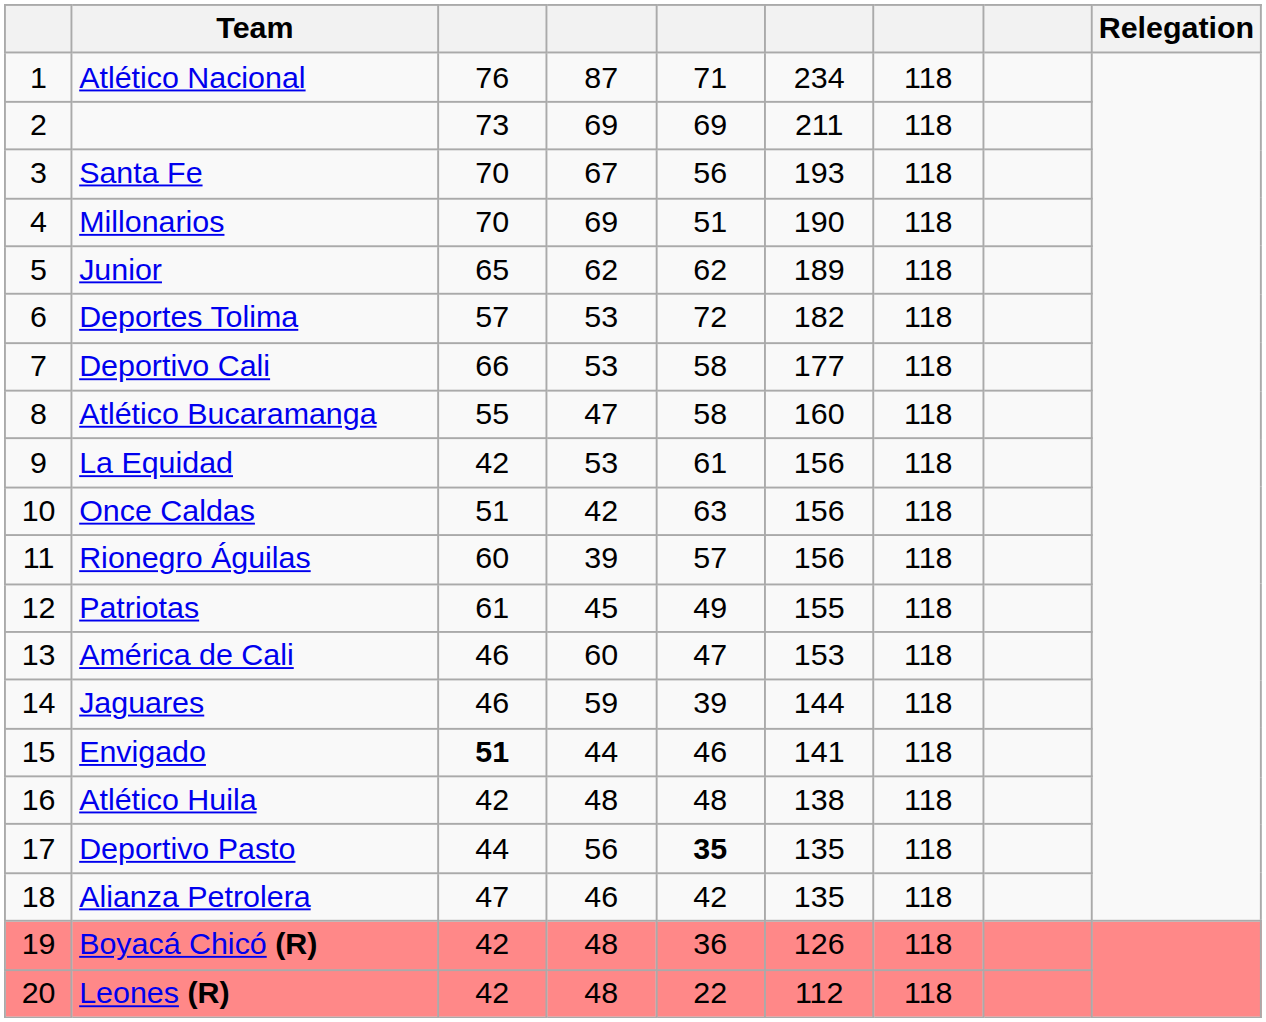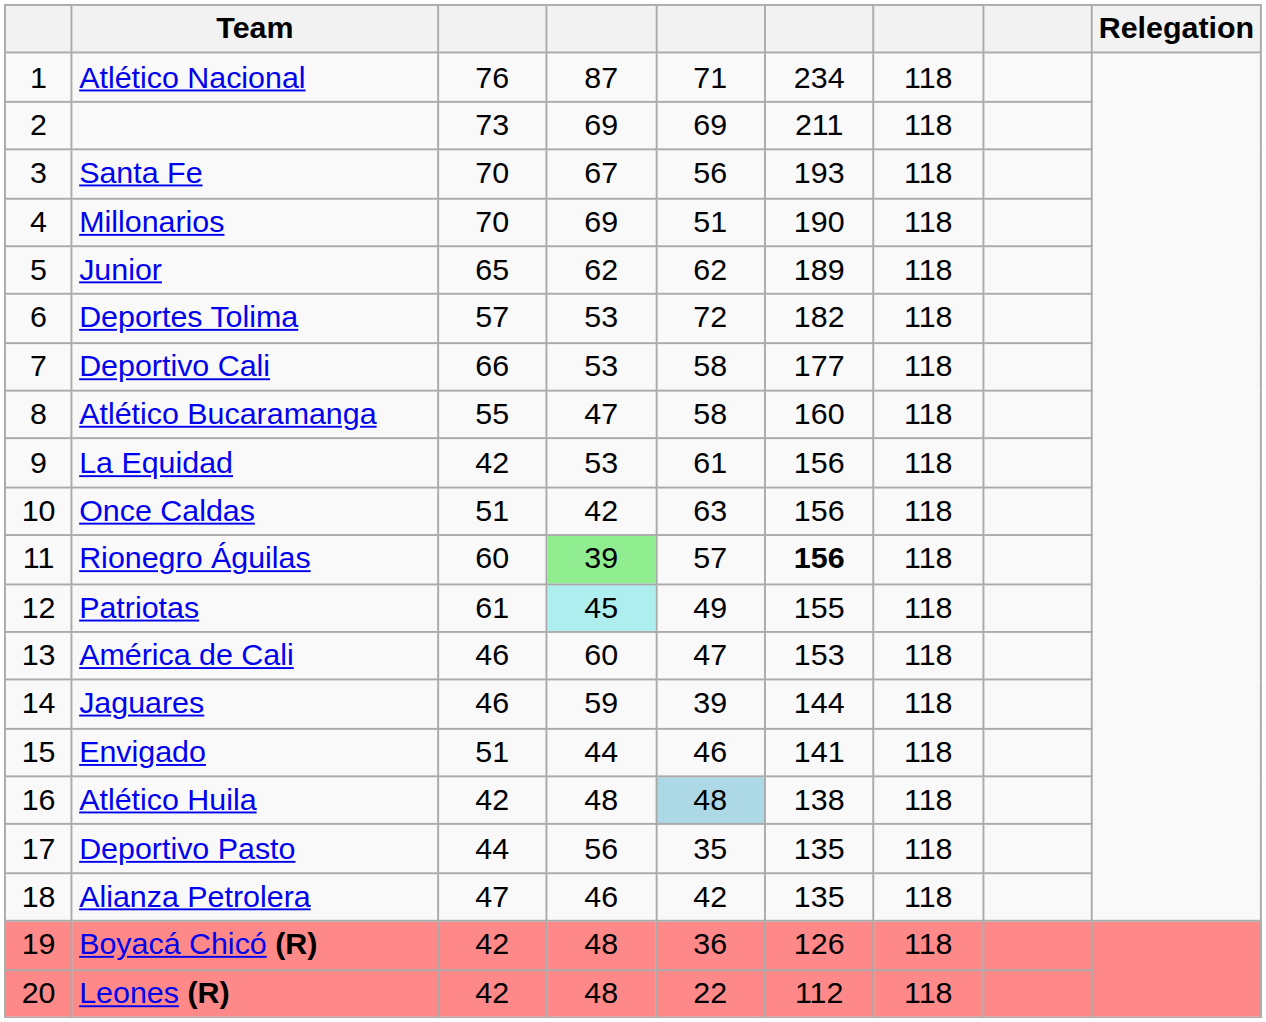 <table class="wikitable" style="text-align: center;">
 <tr>
 <th width=28><br></th>
 <th width=185>Team</th>
 <th width=50></th>
 <th width=50></th>
 <th width=50></th>
 <th width=50></th>
 <th width=50></th>
 <th width=50><br></th>
 <th>Relegation</th>
 </tr>
 <tr>
 <td>1</td>
 <td align="left"><a href='#'>Atlético Nacional</a></td>
 <td>76</td>
 <td>87</td>
 <td>71</td>
 <td>234</td>
 <td>118</td>
 <td><strong></strong></td>
 </tr>
 <tr>
 <td>2</td>
 <td align="left"></td>
 <td>73</td>
 <td>69</td>
 <td>69</td>
 <td>211</td>
 <td>118</td>
 <td><strong></strong></td>
 </tr>
 <tr>
 <td>3</td>
 <td align="left"><a href='#'>Santa Fe</a></td>
 <td>70</td>
 <td>67</td>
 <td>56</td>
 <td>193</td>
 <td>118</td>
 <td><strong></strong></td>
 </tr>
 <tr>
 <td>4</td>
 <td align="left"><a href='#'>Millonarios</a></td>
 <td>70</td>
 <td>69</td>
 <td>51</td>
 <td>190</td>
 <td>118</td>
 <td><strong></strong></td>
 </tr>
 <tr>
 <td>5</td>
 <td align="left"><a href='#'>Junior</a></td>
 <td>65</td>
 <td>62</td>
 <td>62</td>
 <td>189</td>
 <td>118</td>
 <td><strong></strong></td>
 </tr>
 <tr>
 <td>6</td>
 <td align="left"><a href='#'>Deportes Tolima</a></td>
 <td>57</td>
 <td>53</td>
 <td>72</td>
 <td>182</td>
 <td>118</td>
 <td><strong></strong></td>
 </tr>
 <tr>
 <td>7</td>
 <td align="left"><a href='#'>Deportivo Cali</a></td>
 <td>66</td>
 <td>53</td>
 <td>58</td>
 <td>177</td>
 <td>118</td>
 <td><strong></strong></td>
 </tr>
 <tr>
 <td>8</td>
 <td align="left"><a href='#'>Atlético Bucaramanga</a></td>
 <td>55</td>
 <td>47</td>
 <td>58</td>
 <td>160</td>
 <td>118</td>
 <td><strong></strong></td>
 </tr>
 <tr>
 <td>9</td>
 <td align="left"><a href='#'>La Equidad</a></td>
 <td>42</td>
 <td>53</td>
 <td>61</td>
 <td>156</td>
 <td>118</td>
 <td><strong></strong></td>
 </tr>
 <tr>
 <td>10</td>
 <td align="left"><a href='#'>Once Caldas</a></td>
 <td>51</td>
 <td>42</td>
 <td>63</td>
 <td>156</td>
 <td>118</td>
 <td><strong></strong></td>
 </tr>
 <tr>
 <td>11</td>
 <td align="left"><a href='#'>Rionegro Águilas</a></td>
 <td>60</td>
-<td>39</td>
+<td style="background: lightgreen;">39</td>
 <td>57</td>
-<td>156</td>
+<td><strong>156</strong></td>
 <td>118</td>
 <td><strong></strong></td>
 </tr>
 <tr>
 <td>12</td>
 <td align="left"><a href='#'>Patriotas</a></td>
 <td>61</td>
-<td>45</td>
+<td style="background: paleturquoise;">45</td>
 <td>49</td>
 <td>155</td>
 <td>118</td>
 <td><strong></strong></td>
 </tr>
 <tr>
 <td>13</td>
 <td align="left"><a href='#'>América de Cali</a></td>
 <td>46</td>
 <td>60</td>
 <td>47</td>
 <td>153</td>
 <td>118</td>
 <td><strong></strong></td>
 </tr>
 <tr>
 <td>14</td>
 <td align="left"><a href='#'>Jaguares</a></td>
 <td>46</td>
 <td>59</td>
 <td>39</td>
 <td>144</td>
 <td>118</td>
 <td><strong></strong></td>
 </tr>
 <tr>
 <td>15</td>
 <td align="left"><a href='#'>Envigado</a></td>
-<td><strong>51</strong></td>
+<td>51</td>
 <td>44</td>
 <td>46</td>
 <td>141</td>
 <td>118</td>
 <td><strong></strong></td>
 </tr>
 <tr>
 <td>16</td>
 <td align="left"><a href='#'>Atlético Huila</a></td>
 <td>42</td>
 <td>48</td>
-<td>48</td>
+<td style="background: lightblue;">48</td>
 <td>138</td>
 <td>118</td>
 <td><strong></strong></td>
 </tr>
 <tr>
 <td>17</td>
 <td align="left"><a href='#'>Deportivo Pasto</a></td>
 <td>44</td>
 <td>56</td>
-<td><strong>35</strong></td>
+<td>35</td>
 <td>135</td>
 <td>118</td>
 <td><strong></strong></td>
 </tr>
 <tr>
 <td>18</td>
 <td align="left"><a href='#'>Alianza Petrolera</a></td>
 <td>47</td>
 <td>46</td>
 <td>42</td>
 <td>135</td>
 <td>118</td>
 <td><strong></strong></td>
 </tr>
 <tr bgcolor=#FF8888>
 <td>19</td>
 <td align="left"><a href='#'>Boyacá Chicó</a> <strong>(R)</strong></td>
 <td>42</td>
 <td>48</td>
 <td>36</td>
 <td>126</td>
 <td>118</td>
 <td><strong></strong></td>
 <td rowspan=2></td>
 </tr>
 <tr bgcolor=#FF8888>
 <td>20</td>
 <td align="left"><a href='#'>Leones</a> <strong>(R)</strong></td>
 <td>42</td>
 <td>48</td>
 <td>22</td>
 <td>112</td>
 <td>118</td>
 <td><strong></strong></td>
 </tr>
 </table>
